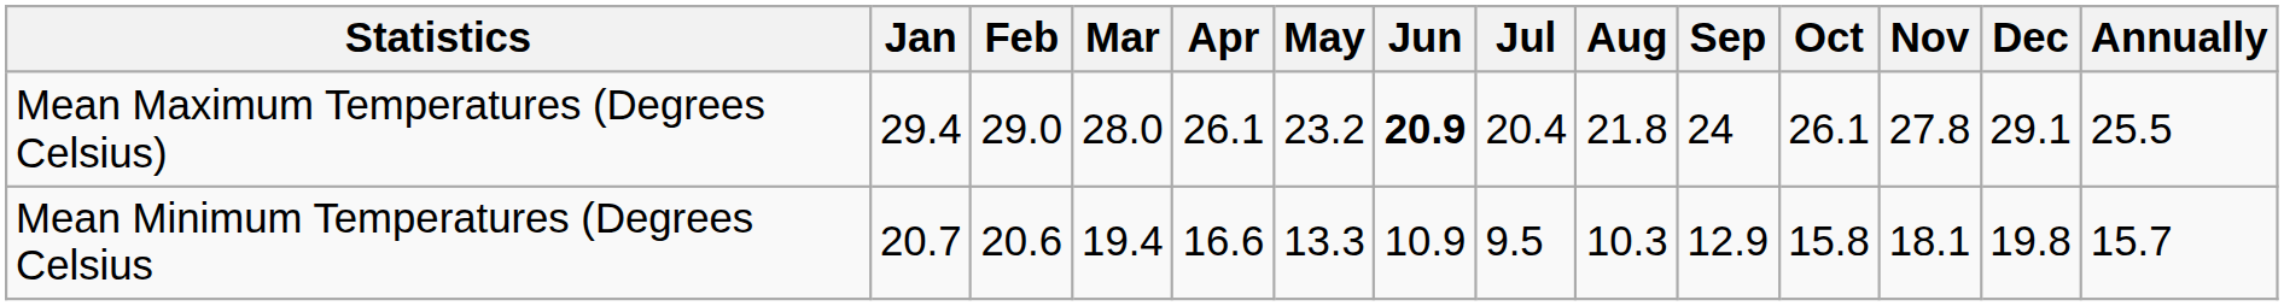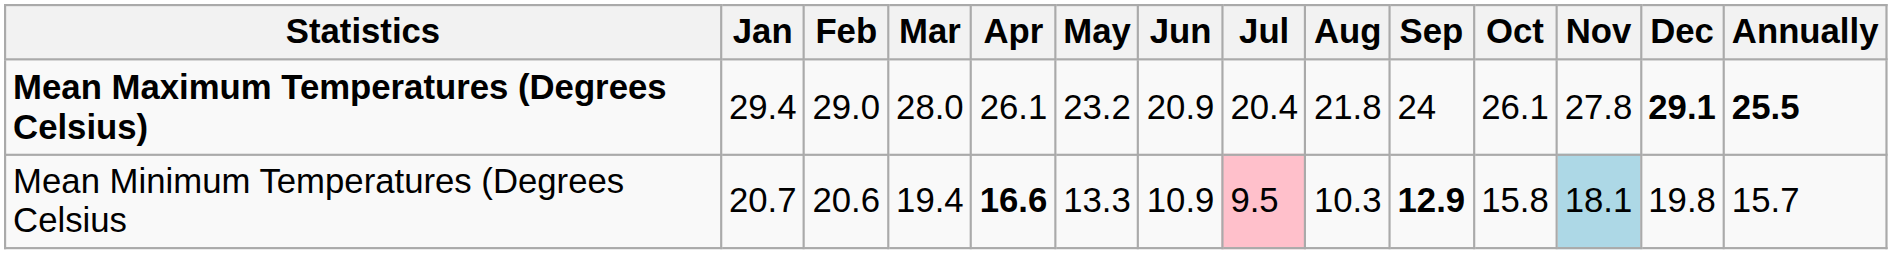 <table class="wikitable">
 <tr>
 <th>Statistics</th>
 <th>Jan</th>
 <th>Feb</th>
 <th>Mar</th>
 <th>Apr</th>
 <th>May</th>
 <th>Jun</th>
 <th>Jul</th>
 <th>Aug</th>
 <th>Sep</th>
 <th>Oct</th>
 <th>Nov</th>
 <th>Dec</th>
 <th>Annually</th>
 </tr>
 <tr>
-<td>Mean Maximum Temperatures (Degrees Celsius)</td>
+<td><strong>Mean Maximum Temperatures (Degrees Celsius)</strong></td>
 <td>29.4</td>
 <td>29.0</td>
 <td>28.0</td>
 <td>26.1</td>
 <td>23.2</td>
-<td><strong>20.9</strong></td>
+<td>20.9</td>
 <td>20.4</td>
 <td>21.8</td>
 <td>24</td>
 <td>26.1</td>
 <td>27.8</td>
-<td>29.1</td>
-<td>25.5</td>
+<td><strong>29.1</strong></td>
+<td><strong>25.5</strong></td>
 </tr>
 <tr>
 <td>Mean Minimum Temperatures (Degrees Celsius</td>
 <td>20.7</td>
 <td>20.6</td>
 <td>19.4</td>
-<td>16.6</td>
+<td><strong>16.6</strong></td>
 <td>13.3</td>
 <td>10.9</td>
-<td>9.5</td>
+<td style="background: pink;">9.5</td>
 <td>10.3</td>
-<td>12.9</td>
+<td><strong>12.9</strong></td>
 <td>15.8</td>
-<td>18.1</td>
+<td style="background: lightblue;">18.1</td>
 <td>19.8</td>
 <td>15.7</td>
 </tr>
 </table>
